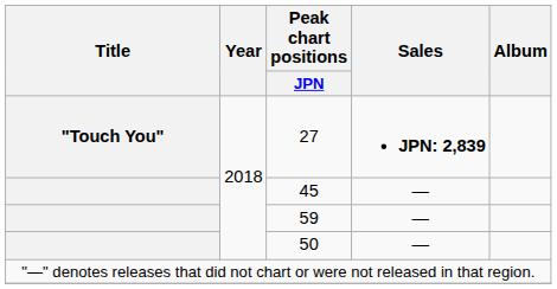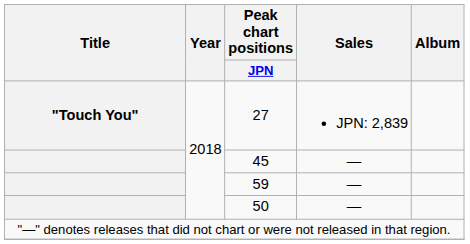 <table class="wikitable plainrowheaders" style="text-align:center;">
 <tr>
 <th scope="col" rowspan="2" style="width:12em;">Title</th>
 <th scope="col" rowspan="2">Year</th>
 <th scope="col" colspan="1">Peak chart positions</th>
 <th scope="col" rowspan="2">Sales<br></th>
 <th scope="col" rowspan="2">Album</th>
 </tr>
 <tr>
 <th scope="col" style="width:3em;font-size:90%;"><a href='#'>JPN</a><br></th>
 </tr>
 <tr>
 <th scope="row">"Touch You"</th>
 <td rowspan="4">2018</td>
 <td>27</td>
-<td><strong><br><ul><li>JPN: 2,839</li></ul></strong></td>
+<td><br><ul><li>JPN: 2,839</li></ul></td>
 <td></td>
 </tr>
 <tr>
 <th scope="row"></th>
 <td>45</td>
 <td>—</td>
 <td></td>
 </tr>
 <tr>
 <th scope="row"></th>
 <td>59</td>
 <td>—</td>
 <td></td>
 </tr>
 <tr>
 <th scope="row"></th>
 <td>50</td>
 <td>—</td>
 <td></td>
 </tr>
 <tr>
 <td colspan="5" style="font-size:90%;">"—" denotes releases that did not chart or were not released in that region.</td>
 </tr>
 <tr>
 </tr>
 </table>
